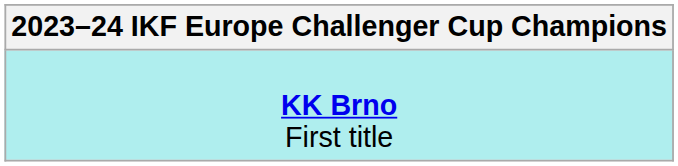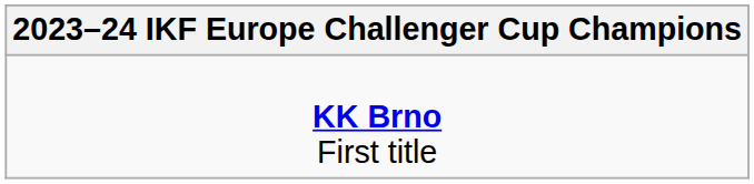 <table class=wikitable style="text-align:center; margin:auto">
 <tr>
 <th>2023–24 IKF Europe Challenger Cup Champions</th>
 </tr>
 <tr>
-<td style="background: paleturquoise;"> <br><strong><a href='#'>KK Brno</a></strong><br>First title</td>
+<td> <br><strong><a href='#'>KK Brno</a></strong><br>First title</td>
 </tr>
 </table>
